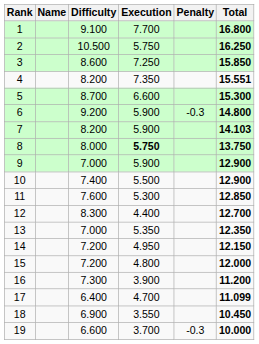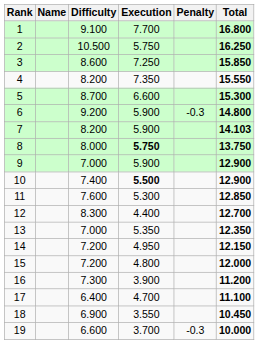 <table class="wikitable sortable" style="text-align:center">
 <tr>
 <th>Rank</th>
 <th>Name</th>
 <th>Difficulty</th>
 <th>Execution</th>
 <th>Penalty</th>
 <th>Total</th>
 </tr>
 <tr bgcolor=ccffcc>
 <td>1</td>
 <td align="left"></td>
 <td>9.100</td>
 <td>7.700</td>
 <td></td>
 <td><strong>16.800</strong></td>
 </tr>
 <tr bgcolor=ccffcc>
 <td>2</td>
 <td align="left"></td>
 <td>10.500</td>
 <td>5.750</td>
 <td></td>
 <td><strong>16.250</strong></td>
 </tr>
 <tr bgcolor=ccffcc>
 <td>3</td>
 <td align="left"></td>
 <td>8.600</td>
 <td>7.250</td>
 <td></td>
 <td><strong>15.850</strong></td>
 </tr>
 <tr>
 <td>4</td>
 <td align="left"></td>
 <td>8.200</td>
 <td>7.350</td>
 <td></td>
-<td><strong>15.551</strong></td>
+<td><strong>15.550</strong></td>
 </tr>
 <tr bgcolor=ccffcc>
 <td>5</td>
 <td align="left"></td>
 <td>8.700</td>
 <td>6.600</td>
 <td></td>
 <td><strong>15.300</strong></td>
 </tr>
 <tr bgcolor=ccffcc>
 <td>6</td>
 <td align="left"></td>
 <td>9.200</td>
 <td>5.900</td>
 <td>-0.3</td>
 <td><strong>14.800</strong></td>
 </tr>
 <tr bgcolor=ccffcc>
 <td>7</td>
 <td align="left"></td>
 <td>8.200</td>
 <td>5.900</td>
 <td></td>
 <td><strong>14.103</strong></td>
 </tr>
 <tr bgcolor=ccffcc>
 <td>8</td>
 <td align="left"></td>
 <td>8.000</td>
 <td><strong>5.750</strong></td>
 <td></td>
 <td><strong>13.750</strong></td>
 </tr>
 <tr bgcolor=ccffcc>
 <td>9</td>
 <td align="left"></td>
 <td>7.000</td>
 <td>5.900</td>
 <td></td>
 <td><strong>12.900</strong></td>
 </tr>
 <tr>
 <td>10</td>
 <td align="left"></td>
 <td>7.400</td>
-<td>5.500</td>
+<td><strong>5.500</strong></td>
 <td></td>
 <td><strong>12.900</strong></td>
 </tr>
 <tr>
 <td>11</td>
 <td align="left"></td>
 <td>7.600</td>
 <td>5.300</td>
 <td></td>
 <td><strong>12.850</strong></td>
 </tr>
 <tr>
 <td>12</td>
 <td align="left"></td>
 <td>8.300</td>
 <td>4.400</td>
 <td></td>
 <td><strong>12.700</strong></td>
 </tr>
 <tr>
 <td>13</td>
 <td align="left"></td>
 <td>7.000</td>
 <td>5.350</td>
 <td></td>
 <td><strong>12.350</strong></td>
 </tr>
 <tr>
 <td>14</td>
 <td align="left"></td>
 <td>7.200</td>
 <td>4.950</td>
 <td></td>
 <td><strong>12.150</strong></td>
 </tr>
 <tr>
 <td>15</td>
 <td align="left"></td>
 <td>7.200</td>
 <td>4.800</td>
 <td></td>
 <td><strong>12.000</strong></td>
 </tr>
 <tr>
 <td>16</td>
 <td align="left"></td>
 <td>7.300</td>
 <td>3.900</td>
 <td></td>
 <td><strong>11.200</strong></td>
 </tr>
 <tr>
 <td>17</td>
 <td align="left"></td>
 <td>6.400</td>
 <td>4.700</td>
 <td></td>
-<td><strong>11.099</strong></td>
+<td><strong>11.100</strong></td>
 </tr>
 <tr>
 <td>18</td>
 <td align="left"></td>
 <td>6.900</td>
 <td>3.550</td>
 <td></td>
 <td><strong>10.450</strong></td>
 </tr>
 <tr>
 <td>19</td>
 <td align="left"></td>
 <td>6.600</td>
 <td>3.700</td>
 <td>-0.3</td>
 <td><strong>10.000</strong></td>
 </tr>
 </table>
